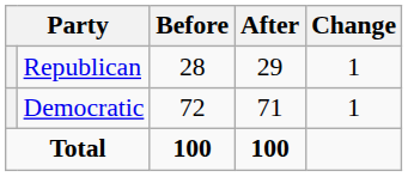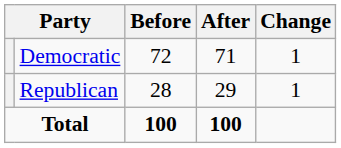 <table class="wikitable" style="text-align:center;">
 <tr>
 <th colspan="2">Party</th>
 <th>Before</th>
 <th>After</th>
 <th>Change</th>
 </tr>
 <tr>
 <th style="background-color:"></th>
-<td style="text-align:left;"><a href='#'>Republican</a></td>
-<td>28</td>
-<td>29</td>
+<td style="text-align:left;"><a href='#'>Democratic</a></td>
+<td>72</td>
+<td>71</td>
 <td> 1</td>
 </tr>
 <tr>
 <th style="background-color:"></th>
-<td style="text-align:left;"><a href='#'>Democratic</a></td>
-<td>72</td>
-<td>71</td>
+<td style="text-align:left;"><a href='#'>Republican</a></td>
+<td>28</td>
+<td>29</td>
 <td> 1</td>
 </tr>
 <tr>
 <td colspan="2"><strong>Total</strong></td>
 <td><strong>100</strong></td>
 <td><strong>100</strong></td>
 <td></td>
 </tr>
 </table>
